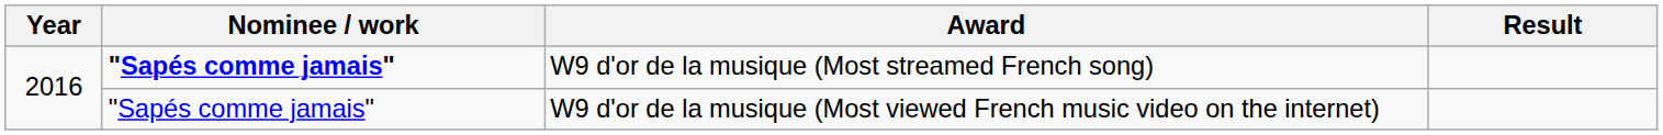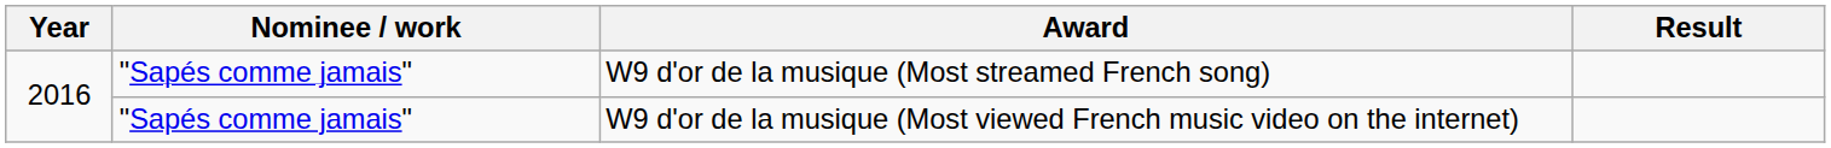 <table class="wikitable" style="font-size:99%; text-align:left;" width="80%" "class="wikitable">
 <tr>
 <th width=1%>Year</th>
 <th width=10%>Nominee / work</th>
 <th width=20%>Award</th>
 <th width=5%>Result</th>
 </tr>
 <tr>
 <td rowspan="2" align="center">2016</td>
-<td><strong>"<a href='#'>Sapés comme jamais</a>"</strong></td>
+<td>"<a href='#'>Sapés comme jamais</a>"</td>
 <td>W9 d'or de la musique (Most streamed French song)</td>
 <td></td>
 </tr>
 <tr>
 <td>"<a href='#'>Sapés comme jamais</a>"</td>
 <td>W9 d'or de la musique (Most viewed French music video on the internet)</td>
 <td></td>
 </tr>
 </table>
